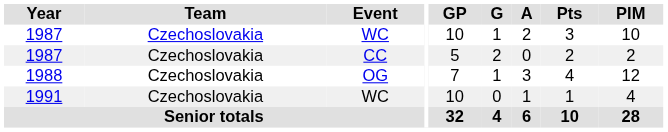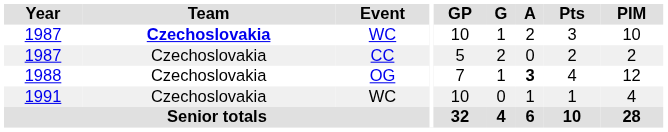 <table border="0" cellpadding="1" cellspacing="0" ID="Table3" style="text-align:center; width:40em">
 <tr ALIGN="center" bgcolor="#e0e0e0">
 <th>Year</th>
 <th>Team</th>
 <th>Event</th>
 <th rowspan="99" bgcolor="#ffffff"></th>
 <th>GP</th>
 <th>G</th>
 <th>A</th>
 <th>Pts</th>
 <th>PIM</th>
 </tr>
 <tr>
 <td><a href='#'>1987</a></td>
-<td><a href='#'>Czechoslovakia</a></td>
+<td><strong><a href='#'>Czechoslovakia</a></strong></td>
 <td><a href='#'>WC</a></td>
 <td>10</td>
 <td>1</td>
 <td>2</td>
 <td>3</td>
 <td>10</td>
 </tr>
 <tr bgcolor="#f0f0f0">
 <td><a href='#'>1987</a></td>
 <td>Czechoslovakia</td>
 <td><a href='#'>CC</a></td>
 <td>5</td>
 <td>2</td>
 <td>0</td>
 <td>2</td>
 <td>2</td>
 </tr>
 <tr>
 <td><a href='#'>1988</a></td>
 <td>Czechoslovakia</td>
 <td><a href='#'>OG</a></td>
 <td>7</td>
 <td>1</td>
-<td>3</td>
+<td><strong>3</strong></td>
 <td>4</td>
 <td>12</td>
 </tr>
 <tr bgcolor="#f0f0f0">
 <td><a href='#'>1991</a></td>
 <td>Czechoslovakia</td>
 <td>WC</td>
 <td>10</td>
 <td>0</td>
 <td>1</td>
 <td>1</td>
 <td>4</td>
 </tr>
 <tr bgcolor="#e0e0e0">
 <th colspan="3">Senior totals</th>
 <th>32</th>
 <th>4</th>
 <th>6</th>
 <th>10</th>
 <th>28</th>
 </tr>
 </table>
